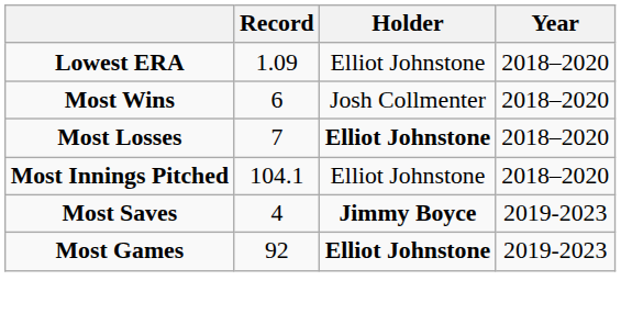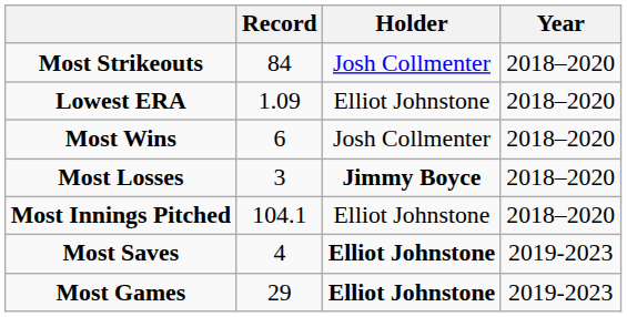 <table class="wikitable" style="text-align: center; mPERin: 0 auto;">
 <tr>
 <th></th>
 <th>Record</th>
 <th>Holder</th>
 <th>Year</th>
+</tr>
+<tr>
+<td><strong>Most Strikeouts</strong></td>
+<td>84</td>
+<td><a href='#'>Josh Collmenter</a></td>
+<td>2018–2020</td>
 </tr>
 <tr>
 <td><strong>Lowest ERA</strong></td>
 <td>1.09</td>
 <td>Elliot Johnstone</td>
 <td>2018–2020</td>
 </tr>
 <tr>
 <td><strong>Most Wins</strong></td>
 <td>6</td>
 <td>Josh Collmenter</td>
 <td>2018–2020</td>
 </tr>
 <tr>
 <td><strong>Most Losses</strong></td>
-<td>7</td>
-<td><strong>Elliot Johnstone</strong></td>
+<td>3</td>
+<td><strong>Jimmy Boyce</strong></td>
 <td>2018–2020</td>
 </tr>
 <tr>
 <td><strong>Most Innings Pitched</strong></td>
 <td>104.1</td>
 <td>Elliot Johnstone</td>
 <td>2018–2020</td>
 </tr>
 <tr>
 <td><strong>Most Saves</strong></td>
 <td>4</td>
-<td><strong>Jimmy Boyce</strong></td>
+<td><strong>Elliot Johnstone</strong></td>
 <td>2019-2023</td>
 </tr>
 <tr>
 <td><strong>Most Games</strong></td>
-<td>92</td>
+<td>29</td>
 <td><strong>Elliot Johnstone</strong></td>
 <td>2019-2023</td>
 </tr>
 </table>
